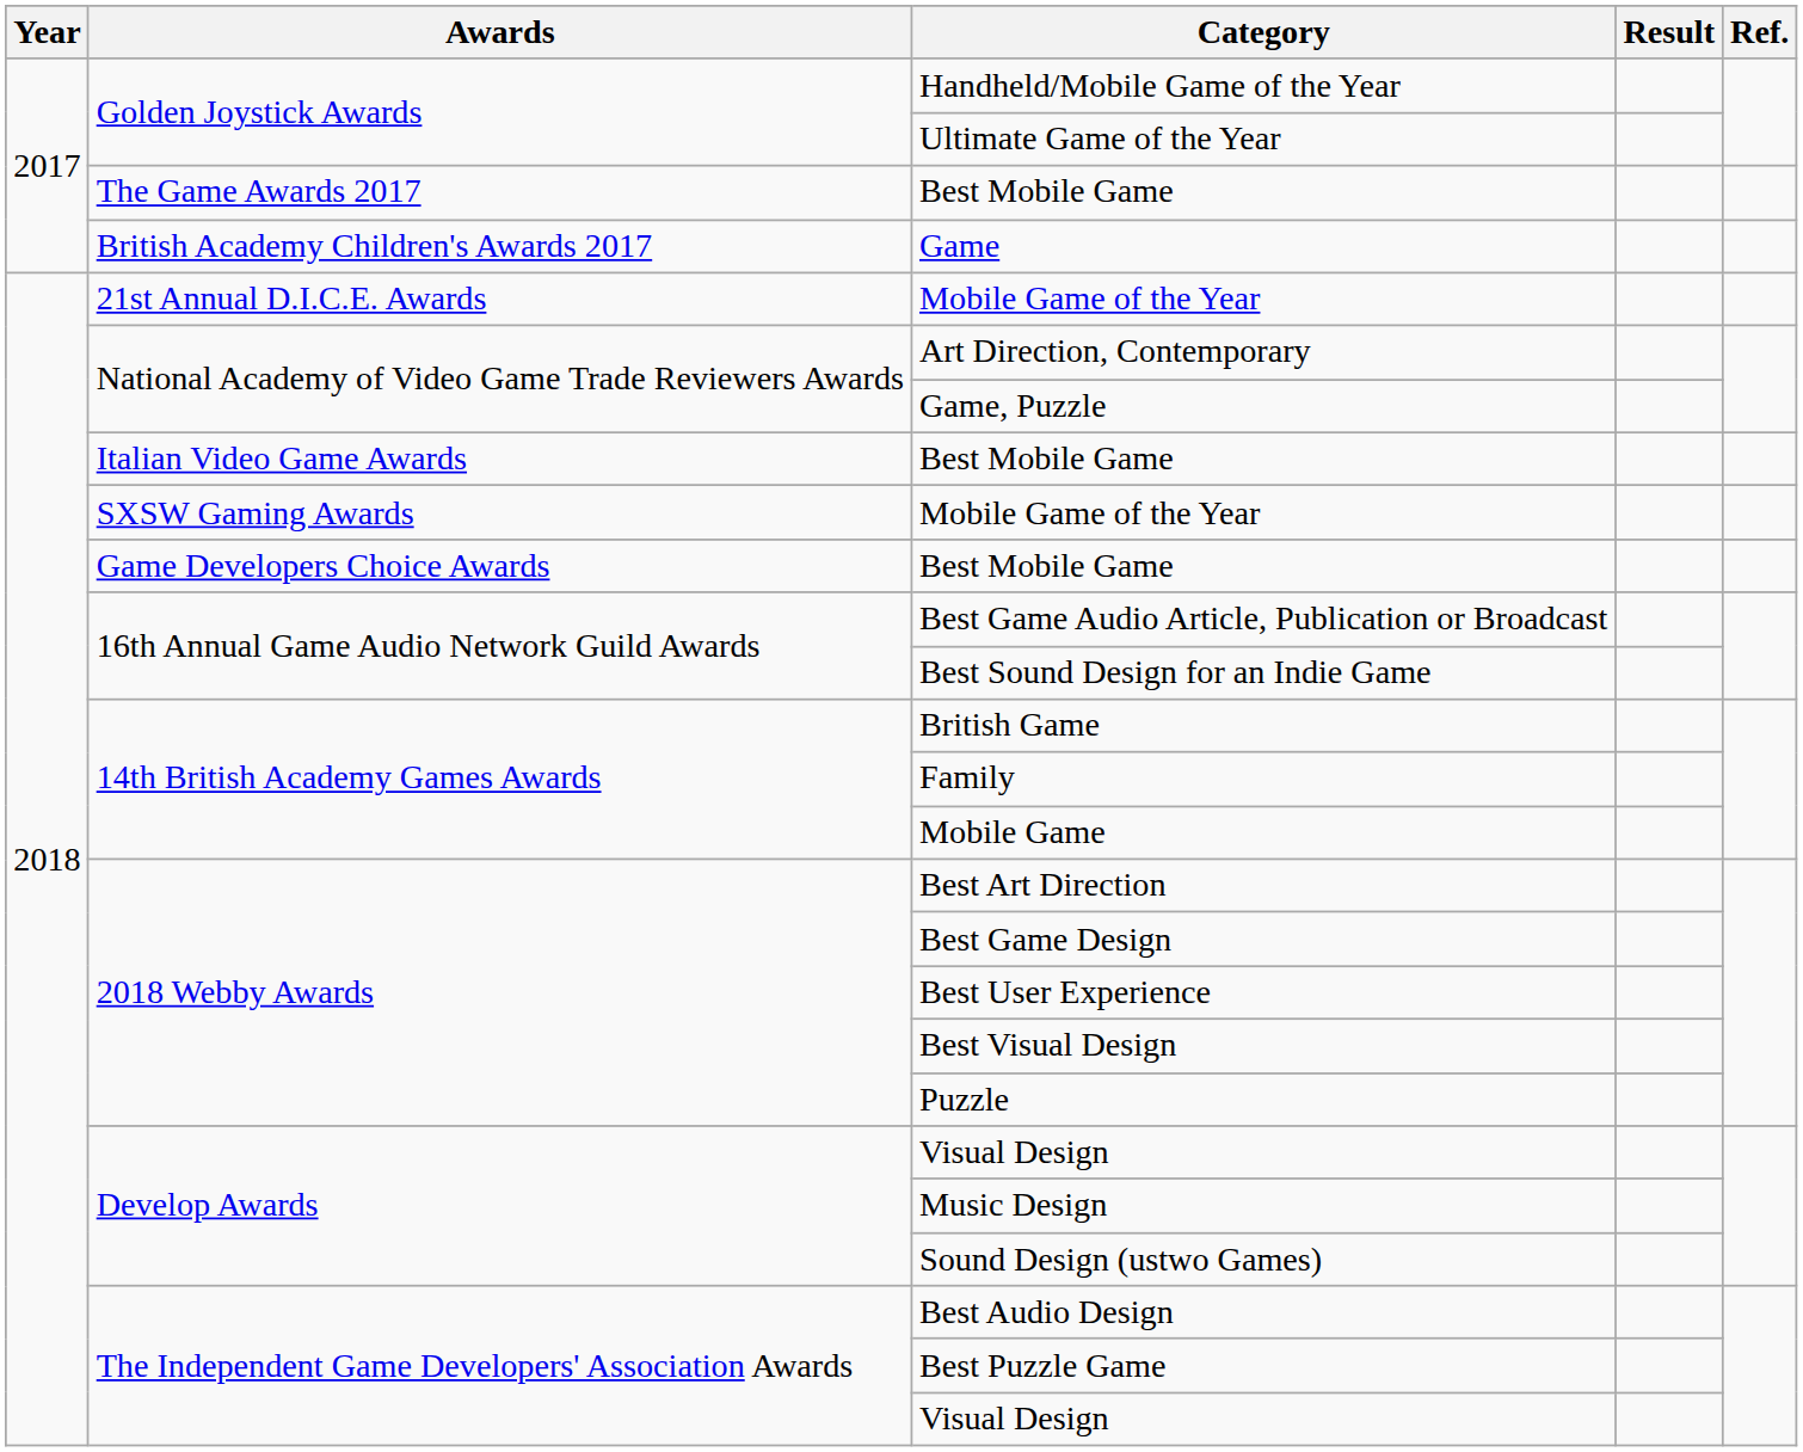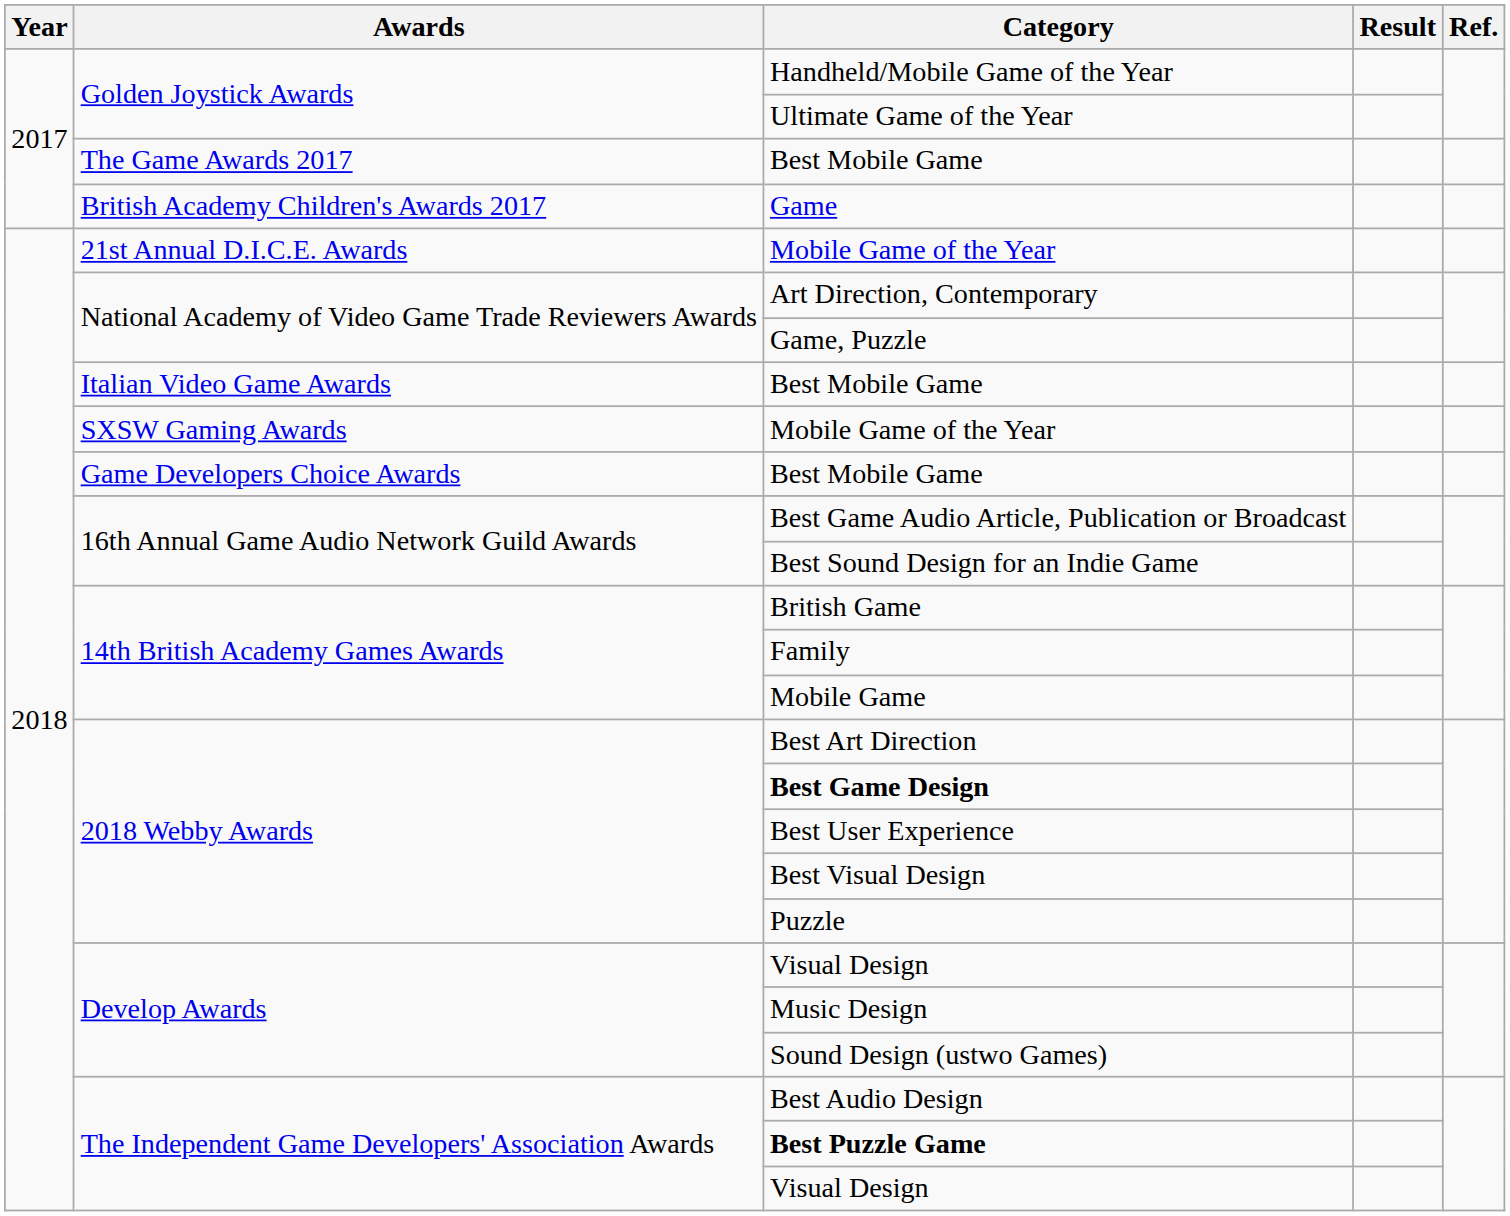 <table class="wikitable">
 <tr>
 <th>Year</th>
 <th>Awards</th>
 <th>Category</th>
 <th>Result</th>
 <th>Ref.</th>
 </tr>
 <tr>
 <td rowspan="4" style="text-align:center;">2017</td>
 <td rowspan="2"><a href='#'>Golden Joystick Awards</a></td>
 <td>Handheld/Mobile Game of the Year</td>
 <td></td>
 <td rowspan="2" style="text-align:center;"></td>
 </tr>
 <tr>
 <td>Ultimate Game of the Year</td>
 <td></td>
 </tr>
 <tr>
 <td rowspan="1"><a href='#'>The Game Awards 2017</a></td>
 <td>Best Mobile Game</td>
 <td></td>
 <td rowspan="1" style="text-align:center;"></td>
 </tr>
 <tr>
 <td><a href='#'>British Academy Children's Awards 2017</a></td>
 <td><a href='#'>Game</a></td>
 <td></td>
 <td align="center"></td>
 </tr>
 <tr>
 <td rowspan="22" style="text-align:center;">2018</td>
 <td rowspan="1"><a href='#'>21st Annual D.I.C.E. Awards</a></td>
 <td><a href='#'>Mobile Game of the Year</a></td>
 <td></td>
 <td rowspan="1" style="text-align:center;"></td>
 </tr>
 <tr>
 <td rowspan="2">National Academy of Video Game Trade Reviewers Awards</td>
 <td>Art Direction, Contemporary</td>
 <td></td>
 <td rowspan="2" style="text-align:center;"></td>
 </tr>
 <tr>
 <td>Game, Puzzle</td>
 <td></td>
 </tr>
 <tr>
 <td rowspan="1"><a href='#'>Italian Video Game Awards</a></td>
 <td>Best Mobile Game</td>
 <td></td>
 <td rowspan="1" style="text-align:center;"></td>
 </tr>
 <tr>
 <td rowspan="1"><a href='#'>SXSW Gaming Awards</a></td>
 <td>Mobile Game of the Year</td>
 <td></td>
 <td rowspan="1" style="text-align:center;"></td>
 </tr>
 <tr>
 <td rowspan="1"><a href='#'>Game Developers Choice Awards</a></td>
 <td>Best Mobile Game</td>
 <td></td>
 <td rowspan="1" style="text-align:center;"></td>
 </tr>
 <tr>
 <td rowspan="2">16th Annual Game Audio Network Guild Awards</td>
 <td>Best Game Audio Article, Publication or Broadcast</td>
 <td></td>
 <td rowspan="2" style="text-align:center;"></td>
 </tr>
 <tr>
 <td>Best Sound Design for an Indie Game</td>
 <td></td>
 </tr>
 <tr>
 <td rowspan="3"><a href='#'>14th British Academy Games Awards</a></td>
 <td>British Game</td>
 <td></td>
 <td rowspan="3" style="text-align:center;"></td>
 </tr>
 <tr>
 <td>Family</td>
 <td></td>
 </tr>
 <tr>
 <td>Mobile Game</td>
 <td></td>
 </tr>
 <tr>
 <td rowspan="5"><a href='#'>2018 Webby Awards</a></td>
 <td>Best Art Direction</td>
 <td></td>
 <td rowspan="5" style="text-align:center;"></td>
 </tr>
 <tr>
-<td>Best Game Design</td>
+<td><strong>Best Game Design</strong></td>
 <td></td>
 </tr>
 <tr>
 <td>Best User Experience</td>
 <td></td>
 </tr>
 <tr>
 <td>Best Visual Design</td>
 <td></td>
 </tr>
 <tr>
 <td>Puzzle</td>
 <td></td>
 </tr>
 <tr>
 <td rowspan="3"><a href='#'>Develop Awards</a></td>
 <td>Visual Design</td>
 <td></td>
 <td rowspan="3" style="text-align:center;"></td>
 </tr>
 <tr>
 <td>Music Design</td>
 <td></td>
 </tr>
 <tr>
 <td>Sound Design (ustwo Games)</td>
 <td></td>
 </tr>
 <tr>
 <td rowspan="3"><a href='#'>The Independent Game Developers' Association</a> Awards</td>
 <td>Best Audio Design</td>
 <td></td>
 <td rowspan="3" style="text-align:center;"></td>
 </tr>
 <tr>
-<td>Best Puzzle Game</td>
+<td><strong>Best Puzzle Game</strong></td>
 <td></td>
 </tr>
 <tr>
 <td>Visual Design</td>
 <td></td>
 </tr>
 </table>
